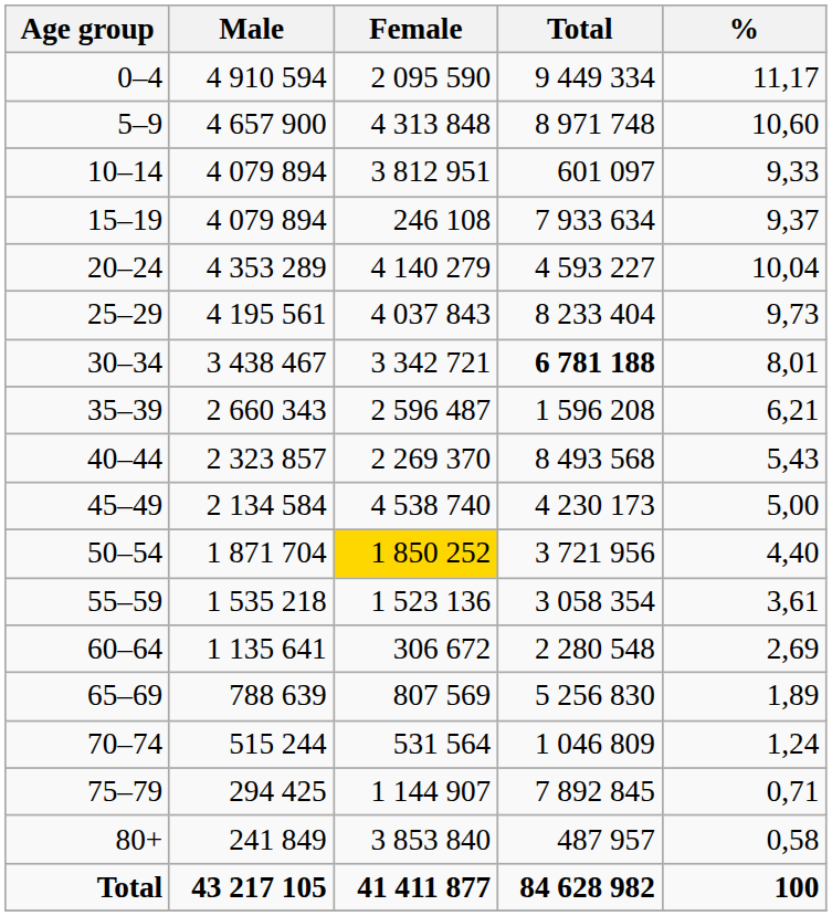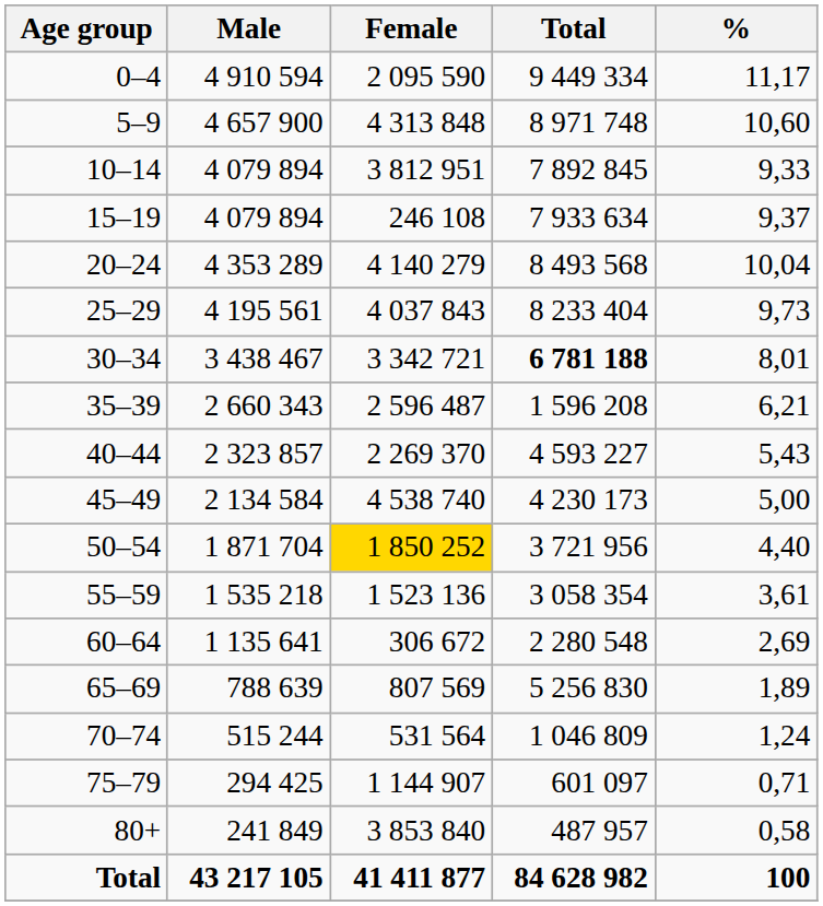 <table class="wikitable">
 <tr>
 <th width="80pt">Age group</th>
 <th width="80pt">Male</th>
 <th width="80pt">Female</th>
 <th width="80pt">Total</th>
 <th width="80pt">%</th>
 </tr>
 <tr>
 <td align="right">0–4</td>
 <td align="right">4 910 594</td>
 <td align="right">2 095 590</td>
 <td align="right">9 449 334</td>
 <td align="right">11,17</td>
 </tr>
 <tr>
 <td align="right">5–9</td>
 <td align="right">4 657 900</td>
 <td align="right">4 313 848</td>
 <td align="right">8 971 748</td>
 <td align="right">10,60</td>
 </tr>
 <tr>
 <td align="right">10–14</td>
 <td align="right">4 079 894</td>
 <td align="right">3 812 951</td>
-<td align="right">601 097</td>
+<td align="right">7 892 845</td>
 <td align="right">9,33</td>
 </tr>
 <tr>
 <td align="right">15–19</td>
 <td align="right">4 079 894</td>
 <td align="right">246 108</td>
 <td align="right">7 933 634</td>
 <td align="right">9,37</td>
 </tr>
 <tr>
 <td align="right">20–24</td>
 <td align="right">4 353 289</td>
 <td align="right">4 140 279</td>
-<td align="right">4 593 227</td>
+<td align="right">8 493 568</td>
 <td align="right">10,04</td>
 </tr>
 <tr>
 <td align="right">25–29</td>
 <td align="right">4 195 561</td>
 <td align="right">4 037 843</td>
 <td align="right">8 233 404</td>
 <td align="right">9,73</td>
 </tr>
 <tr>
 <td align="right">30–34</td>
 <td align="right">3 438 467</td>
 <td align="right">3 342 721</td>
 <td align="right"><strong>6 781 188</strong></td>
 <td align="right">8,01</td>
 </tr>
 <tr>
 <td align="right">35–39</td>
 <td align="right">2 660 343</td>
 <td align="right">2 596 487</td>
 <td align="right">1 596 208</td>
 <td align="right">6,21</td>
 </tr>
 <tr>
 <td align="right">40–44</td>
 <td align="right">2 323 857</td>
 <td align="right">2 269 370</td>
-<td align="right">8 493 568</td>
+<td align="right">4 593 227</td>
 <td align="right">5,43</td>
 </tr>
 <tr>
 <td align="right">45–49</td>
 <td align="right">2 134 584</td>
 <td align="right">4 538 740</td>
 <td align="right">4 230 173</td>
 <td align="right">5,00</td>
 </tr>
 <tr>
 <td align="right">50–54</td>
 <td align="right">1 871 704</td>
 <td align="right" style="background: gold;">1 850 252</td>
 <td align="right">3 721 956</td>
 <td align="right">4,40</td>
 </tr>
 <tr>
 <td align="right">55–59</td>
 <td align="right">1 535 218</td>
 <td align="right">1 523 136</td>
 <td align="right">3 058 354</td>
 <td align="right">3,61</td>
 </tr>
 <tr>
 <td align="right">60–64</td>
 <td align="right">1 135 641</td>
 <td align="right">306 672</td>
 <td align="right">2 280 548</td>
 <td align="right">2,69</td>
 </tr>
 <tr>
 <td align="right">65–69</td>
 <td align="right">788 639</td>
 <td align="right">807 569</td>
 <td align="right">5 256 830</td>
 <td align="right">1,89</td>
 </tr>
 <tr>
 <td align="right">70–74</td>
 <td align="right">515 244</td>
 <td align="right">531 564</td>
 <td align="right">1 046 809</td>
 <td align="right">1,24</td>
 </tr>
 <tr>
 <td align="right">75–79</td>
 <td align="right">294 425</td>
 <td align="right">1 144 907</td>
-<td align="right">7 892 845</td>
+<td align="right">601 097</td>
 <td align="right">0,71</td>
 </tr>
 <tr>
 <td align="right">80+</td>
 <td align="right">241 849</td>
 <td align="right">3 853 840</td>
 <td align="right">487 957</td>
 <td align="right">0,58</td>
 </tr>
 <tr>
 <td align="right"><strong>Total</strong></td>
 <td align="right"><strong>43 217 105</strong></td>
 <td align="right"><strong>41 411 877</strong></td>
 <td align="right"><strong>84 628 982</strong></td>
 <td align="right"><strong>100</strong></td>
 </tr>
 <tr>
 </tr>
 </table>
